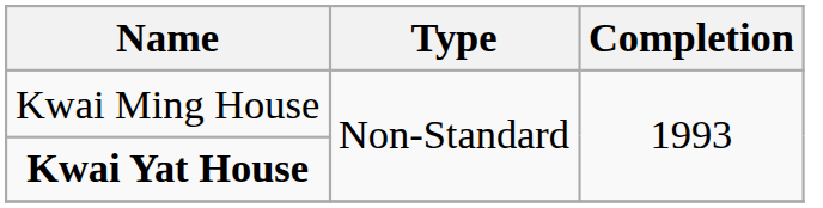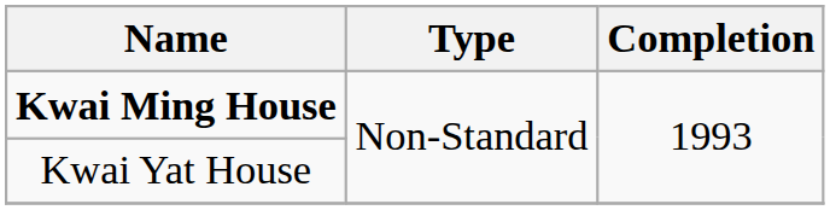 <table class="wikitable" style="text-align: center">
 <tr>
 <th>Name</th>
 <th>Type</th>
 <th>Completion</th>
 </tr>
 <tr>
-<td>Kwai Ming House</td>
+<td><strong>Kwai Ming House</strong></td>
 <td rowspan="2">Non-Standard</td>
 <td rowspan="2">1993</td>
 </tr>
 <tr>
-<td><strong>Kwai Yat House</strong></td>
+<td>Kwai Yat House</td>
 </tr>
 <tr>
 </tr>
 </table>
